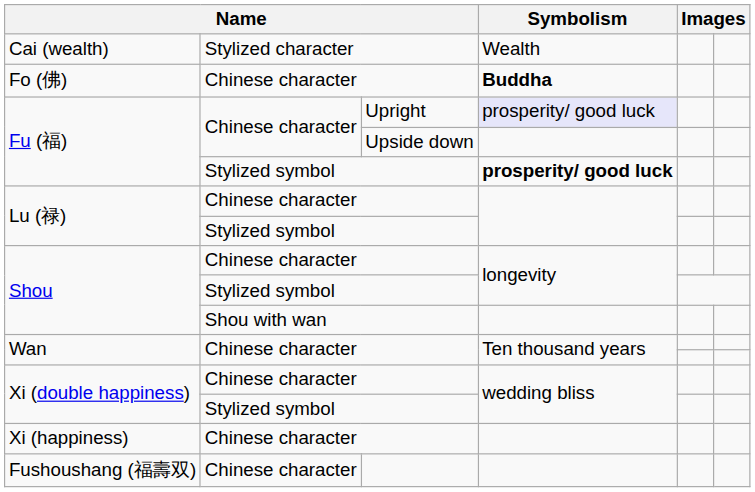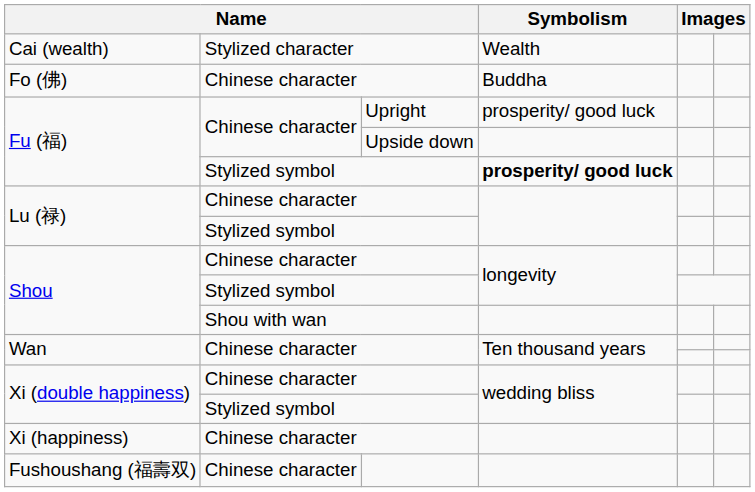 <table class="wikitable sortable mw-collapsible">
 <tr>
 <th colspan="3">Name</th>
 <th>Symbolism</th>
 <th colspan="2">Images</th>
 </tr>
 <tr>
 <td>Cai (wealth)</td>
 <td colspan="2">Stylized character</td>
 <td>Wealth</td>
 <td></td>
 <td></td>
 </tr>
 <tr>
 <td>Fo (佛)</td>
 <td colspan="2">Chinese character</td>
-<td><strong>Buddha</strong></td>
+<td>Buddha</td>
 <td></td>
 <td></td>
 </tr>
 <tr>
 <td rowspan="3"><a href='#'>Fu</a> (福)</td>
 <td rowspan="2">Chinese character</td>
 <td>Upright</td>
-<td style="background: lavender;">prosperity/ good luck</td>
+<td>prosperity/ good luck</td>
 <td></td>
 <td></td>
 </tr>
 <tr>
 <td>Upside down</td>
 <td></td>
 <td></td>
 <td></td>
 </tr>
 <tr>
 <td colspan="2">Stylized symbol</td>
 <td><strong>prosperity/ good luck</strong></td>
 <td></td>
 <td></td>
 </tr>
 <tr>
 <td rowspan="2">Lu (禄)</td>
 <td colspan="2">Chinese character</td>
 <td rowspan="2"></td>
 <td></td>
 <td></td>
 </tr>
 <tr>
 <td colspan="2">Stylized symbol</td>
 <td></td>
 <td></td>
 </tr>
 <tr>
 <td rowspan="3"><a href='#'>Shou</a></td>
 <td colspan="2">Chinese character</td>
 <td rowspan="2">longevity</td>
 <td></td>
 <td></td>
 </tr>
 <tr>
 <td colspan="2">Stylized symbol</td>
 <td colspan="2"></td>
 </tr>
 <tr>
 <td colspan="2">Shou with wan</td>
 <td></td>
 <td></td>
 <td></td>
 </tr>
 <tr>
 <td rowspan="2">Wan</td>
 <td colspan="2" rowspan="2">Chinese character</td>
 <td rowspan="2">Ten thousand years</td>
 <td></td>
 <td></td>
 </tr>
 <tr>
 <td></td>
 <td></td>
 </tr>
 <tr>
 <td rowspan="2">Xi (<a href='#'>double happiness</a>)</td>
 <td colspan="2">Chinese character</td>
 <td rowspan="2">wedding bliss</td>
 <td></td>
 <td></td>
 </tr>
 <tr>
 <td colspan="2">Stylized symbol</td>
 <td></td>
 <td></td>
 </tr>
 <tr>
 <td>Xi (happiness)</td>
 <td colspan="2">Chinese character</td>
 <td></td>
 <td></td>
 <td></td>
 </tr>
 <tr>
 <td>Fushoushang (福壽双)</td>
 <td>Chinese character</td>
 <td></td>
 <td></td>
 <td></td>
 </tr>
 </table>
